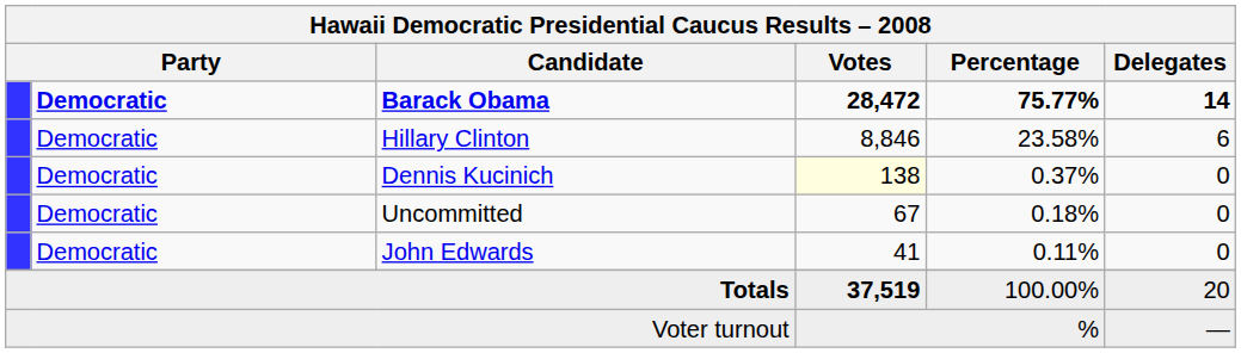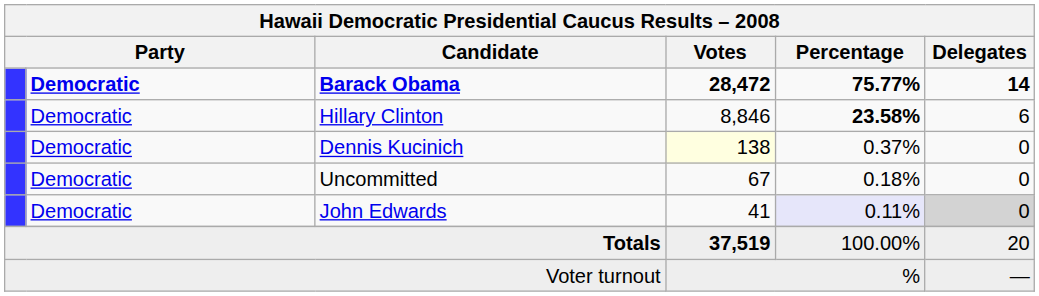 <table class="wikitable" style="font-size:95%;">
 <tr>
 <th colspan="7">Hawaii Democratic Presidential Caucus Results – 2008</th>
 </tr>
 <tr>
 <th colspan="2" style="width: 15em">Party</th>
 <th style="width: 17em">Candidate</th>
 <th style="width: 5em">Votes</th>
 <th style="width: 7em">Percentage</th>
 <th style="width: 5em">Delegates</th>
 </tr>
 <tr>
 <th style="background-color:#3333FF; width: 3px"></th>
 <td style="width: 130px"><strong><a href='#'>Democratic</a></strong></td>
 <td><strong><a href='#'>Barack Obama</a></strong></td>
 <td align="right"><strong>28,472</strong></td>
 <td align="right"><strong>75.77%</strong></td>
 <td align="right"><strong>14</strong></td>
 </tr>
 <tr>
 <th style="background-color:#3333FF; width: 3px"></th>
 <td style="width: 130px"><a href='#'>Democratic</a></td>
 <td><a href='#'>Hillary Clinton</a></td>
 <td align="right">8,846</td>
-<td align="right">23.58%</td>
+<td align="right"><strong>23.58%</strong></td>
 <td align="right">6</td>
 </tr>
 <tr>
 <th style="background-color:#3333FF; width: 3px"></th>
 <td style="width: 130px"><a href='#'>Democratic</a></td>
 <td><a href='#'>Dennis Kucinich</a></td>
 <td align="right" style="background: lightyellow;">138</td>
 <td align="right">0.37%</td>
 <td align="right">0</td>
 </tr>
 <tr>
 <th style="background-color:#3333FF; width: 3px"></th>
 <td style="width: 130px"><a href='#'>Democratic</a></td>
 <td>Uncommitted</td>
 <td align="right">67</td>
 <td align="right">0.18%</td>
 <td align="right">0</td>
 </tr>
 <tr>
 <th style="background-color:#3333FF; width: 3px"></th>
 <td style="width: 130px"><a href='#'>Democratic</a></td>
 <td><a href='#'>John Edwards</a></td>
 <td align="right">41</td>
-<td align="right">0.11%</td>
-<td align="right">0</td>
+<td align="right" style="background: lavender;">0.11%</td>
+<td align="right" style="background: lightgrey;">0</td>
 </tr>
 <tr>
 </tr>
 <tr bgcolor="#EEEEEE">
 <td colspan="3" align="right"><strong>Totals</strong></td>
 <td align="right"><strong>37,519<em></td>
 <td align="right"></strong>100.00%<strong></td>
 <td align="right"></strong>20<strong></td>
 </tr>
 <tr bgcolor="#EEEEEE">
 <td colspan="3" align="right">Voter turnout</td>
 <td colspan="2" align="right">%</td>
 <td align="right">—</td>
 </tr>
 </table>
